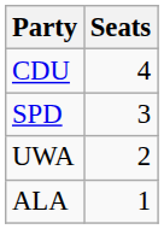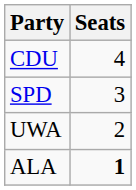 <table class="wikitable">
 <tr>
 <th>Party</th>
 <th>Seats</th>
 </tr>
 <tr>
 <td align="left"><a href='#'>CDU</a></td>
 <td align="right">4</td>
 </tr>
 <tr>
 <td align="left"><a href='#'>SPD</a></td>
 <td align="right">3</td>
 </tr>
 <tr>
 <td align="left">UWA</td>
 <td align= "right">2</td>
 </tr>
 <tr>
 <td align="left">ALA</td>
-<td align="right">1</td>
+<td align="right"><strong>1</strong></td>
 </tr>
 </table>
